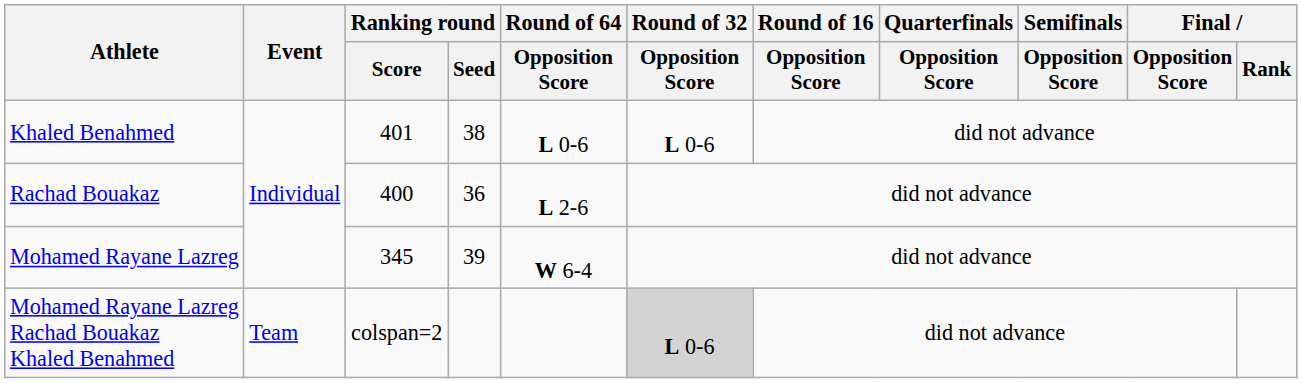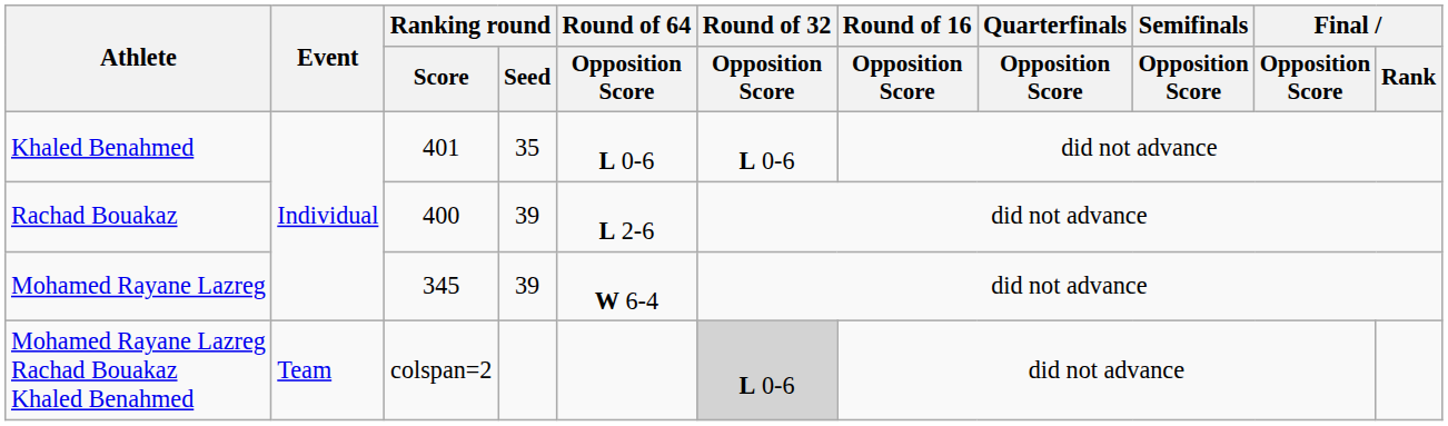 <table class="wikitable" style="font-size:90%">
 <tr>
 <th rowspan=2>Athlete</th>
 <th rowspan=2>Event</th>
 <th colspan=2>Ranking round</th>
 <th>Round of 64</th>
 <th>Round of 32</th>
 <th>Round of 16</th>
 <th>Quarterfinals</th>
 <th>Semifinals</th>
 <th colspan=2>Final / </th>
 </tr>
 <tr style="font-size:95%">
 <th>Score</th>
 <th>Seed</th>
 <th>Opposition<br>Score</th>
 <th>Opposition<br>Score</th>
 <th>Opposition<br>Score</th>
 <th>Opposition<br>Score</th>
 <th>Opposition<br>Score</th>
 <th>Opposition<br>Score</th>
 <th>Rank</th>
 </tr>
 <tr align=center>
 <td align=left><a href='#'>Khaled Benahmed</a></td>
 <td align=left rowspan=3><a href='#'>Individual</a></td>
 <td>401</td>
-<td>38</td>
+<td>35</td>
 <td><br><strong>L</strong> 0-6</td>
 <td><br><strong>L</strong> 0-6</td>
 <td colspan=5>did not advance</td>
 </tr>
 <tr align=center>
 <td align=left><a href='#'>Rachad Bouakaz</a></td>
 <td>400</td>
-<td>36</td>
+<td>39</td>
 <td><br><strong>L</strong> 2-6</td>
 <td colspan=6>did not advance</td>
 </tr>
 <tr align=center>
 <td align=left><a href='#'>Mohamed Rayane Lazreg</a></td>
 <td>345</td>
 <td>39</td>
 <td><br><strong>W</strong> 6-4</td>
 <td colspan=6>did not advance</td>
 </tr>
 <tr align=center>
 <td align=left><a href='#'>Mohamed Rayane Lazreg</a><br><a href='#'>Rachad Bouakaz</a><br><a href='#'>Khaled Benahmed</a></td>
 <td align=left><a href='#'>Team</a></td>
 <td>colspan=2 </td>
 <td></td>
 <td></td>
 <td style="background: lightgrey;"><br><strong>L</strong> 0-6</td>
 <td colspan=4>did not advance</td>
 </tr>
 </table>
